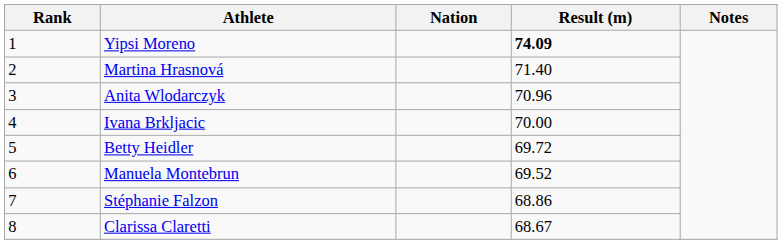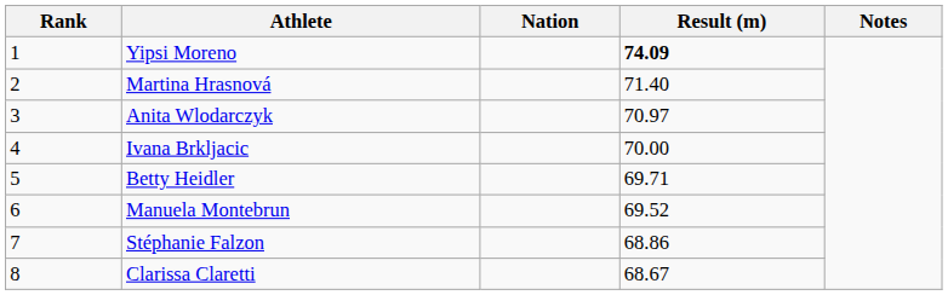 <table class="wikitable" style="text=align:center;" width=85%>
 <tr>
 <th>Rank</th>
 <th>Athlete</th>
 <th>Nation</th>
 <th>Result (m)</th>
 <th>Notes</th>
 </tr>
 <tr>
 <td>1</td>
 <td><a href='#'>Yipsi Moreno</a></td>
 <td></td>
 <td><strong>74.09</strong></td>
 </tr>
 <tr>
 <td>2</td>
 <td><a href='#'>Martina Hrasnová</a></td>
 <td></td>
 <td>71.40</td>
 </tr>
 <tr>
 <td>3</td>
 <td><a href='#'>Anita Wlodarczyk</a></td>
 <td></td>
-<td>70.96</td>
+<td>70.97</td>
 </tr>
 <tr>
 <td>4</td>
 <td><a href='#'>Ivana Brkljacic</a></td>
 <td></td>
 <td>70.00</td>
 </tr>
 <tr>
 <td>5</td>
 <td><a href='#'>Betty Heidler</a></td>
 <td></td>
-<td>69.72</td>
+<td>69.71</td>
 </tr>
 <tr>
 <td>6</td>
 <td><a href='#'>Manuela Montebrun</a></td>
 <td></td>
 <td>69.52</td>
 </tr>
 <tr>
 <td>7</td>
 <td><a href='#'>Stéphanie Falzon</a></td>
 <td></td>
 <td>68.86</td>
 </tr>
 <tr>
 <td>8</td>
 <td><a href='#'>Clarissa Claretti</a></td>
 <td></td>
 <td>68.67</td>
 </tr>
 </table>
